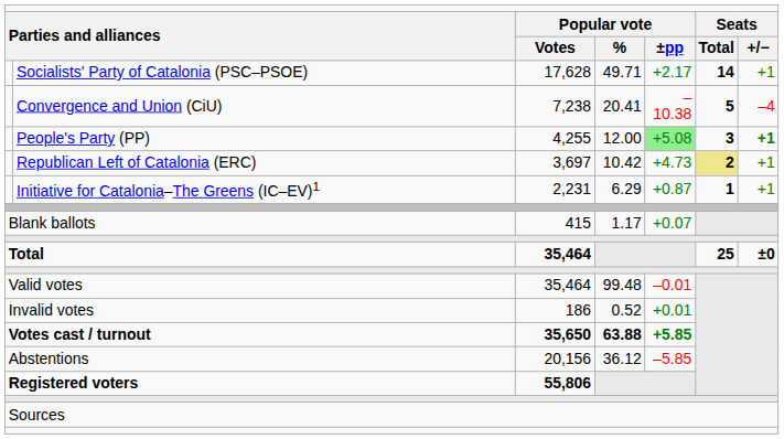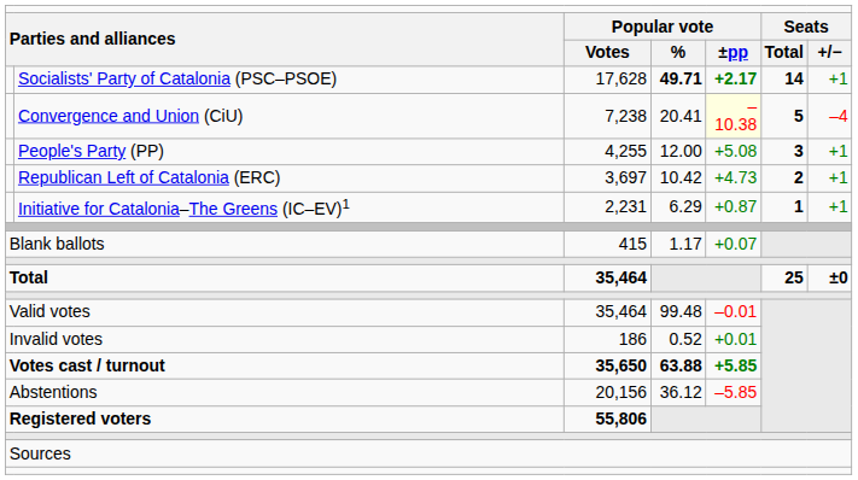 <table class="wikitable" style="text-align:right;">
 <tr>
 <td colspan="7"></td>
 </tr>
 <tr>
 <th style="text-align:left;" rowspan="2" colspan="2" width="525">Parties and alliances</th>
 <th colspan="3">Popular vote</th>
 <th colspan="2">Seats</th>
 </tr>
 <tr>
 <th width="75">Votes</th>
 <th width="45">%</th>
 <th width="45">±<a href='#'>pp</a></th>
 <th width="35">Total</th>
 <th width="35">+/−</th>
 </tr>
 <tr>
 <td width="1" style="color:inherit;background:"></td>
 <td align="left"><a href='#'>Socialists' Party of Catalonia</a> (PSC–PSOE)</td>
 <td>17,628</td>
-<td>49.71</td>
-<td style="color:green;">+2.17</td>
+<td><strong>49.71</strong></td>
+<td style="color:green;"><strong>+2.17</strong></td>
 <td><strong>14</strong></td>
 <td style="color:green;">+1</td>
 </tr>
 <tr>
 <td style="color:inherit;background:"></td>
 <td align="left"><a href='#'>Convergence and Union</a> (CiU)</td>
 <td>7,238</td>
 <td>20.41</td>
-<td style="color:red;">–10.38</td>
+<td style="background: lightyellow; color:red;">–10.38</td>
 <td><strong>5</strong></td>
 <td style="color:red;">–4</td>
 </tr>
 <tr>
 <td style="color:inherit;background:"></td>
 <td align="left"><a href='#'>People's Party</a> (PP)</td>
 <td>4,255</td>
 <td>12.00</td>
-<td style="background: lightgreen; color:green;">+5.08</td>
+<td style="color:green;">+5.08</td>
 <td><strong>3</strong></td>
-<td style="color:green;"><strong>+1</strong></td>
+<td style="color:green;">+1</td>
 </tr>
 <tr>
 <td style="color:inherit;background:"></td>
 <td align="left"><a href='#'>Republican Left of Catalonia</a> (ERC)</td>
 <td>3,697</td>
 <td>10.42</td>
 <td style="color:green;">+4.73</td>
-<td style="background: khaki;"><strong>2</strong></td>
+<td><strong>2</strong></td>
 <td style="color:green;">+1</td>
 </tr>
 <tr>
 <td style="color:inherit;background:"></td>
 <td align="left"><a href='#'>Initiative for Catalonia</a>–<a href='#'>The Greens</a> (IC–EV)<sup>1</sup></td>
 <td>2,231</td>
 <td>6.29</td>
 <td style="color:green;">+0.87</td>
 <td><strong>1</strong></td>
 <td style="color:green;">+1</td>
 </tr>
 <tr>
 <td colspan="7" style="color:inherit;background:#C0C0C0"></td>
 </tr>
 <tr>
 <td align="left" colspan="2">Blank ballots</td>
 <td>415</td>
 <td>1.17</td>
 <td style="color:green;">+0.07</td>
 <td style="color:inherit;background:#E9E9E9" colspan="2"></td>
 </tr>
 <tr>
 <td colspan="7" style="color:inherit;background:#E9E9E9"></td>
 </tr>
 <tr style="font-weight:bold;">
 <td align="left" colspan="2">Total</td>
 <td>35,464</td>
 <td bgcolor="#E9E9E9" colspan="2"></td>
 <td>25</td>
 <td>±0</td>
 </tr>
 <tr>
 <td colspan="7" style="color:inherit;background:#E9E9E9"></td>
 </tr>
 <tr>
 <td align="left" colspan="2">Valid votes</td>
 <td>35,464</td>
 <td>99.48</td>
 <td style="color:red;">–0.01</td>
 <td bgcolor="#E9E9E9" colspan="2" rowspan="5"></td>
 </tr>
 <tr>
 <td align="left" colspan="2">Invalid votes</td>
 <td>186</td>
 <td>0.52</td>
 <td style="color:green;">+0.01</td>
 </tr>
 <tr style="font-weight:bold;">
 <td align="left" colspan="2">Votes cast / turnout</td>
 <td>35,650</td>
 <td>63.88</td>
 <td style="color:green;">+5.85</td>
 </tr>
 <tr>
 <td align="left" colspan="2">Abstentions</td>
 <td>20,156</td>
 <td>36.12</td>
 <td style="color:red;">–5.85</td>
 </tr>
 <tr style="font-weight:bold;">
 <td align="left" colspan="2">Registered voters</td>
 <td>55,806</td>
 <td bgcolor="#E9E9E9" colspan="2"></td>
 </tr>
 <tr>
 <td colspan="7" style="color:inherit;background:#E9E9E9"></td>
 </tr>
 <tr>
 <td align="left" colspan="7">Sources</td>
 </tr>
 <tr>
 <td colspan="7" style="text-align:left; max-width:790px;"></td>
 </tr>
 </table>
